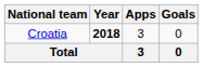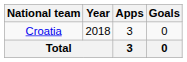 <table class="wikitable" style="text-align:center">
 <tr>
 <th>National team</th>
 <th>Year</th>
 <th>Apps</th>
 <th>Goals</th>
 </tr>
 <tr>
 <td rowspan="1"><a href='#'>Croatia</a></td>
-<td><strong>2018</strong></td>
+<td>2018</td>
 <td>3</td>
 <td>0</td>
 </tr>
 <tr>
 <th colspan="2">Total</th>
 <th>3</th>
 <th>0</th>
 </tr>
 </table>
